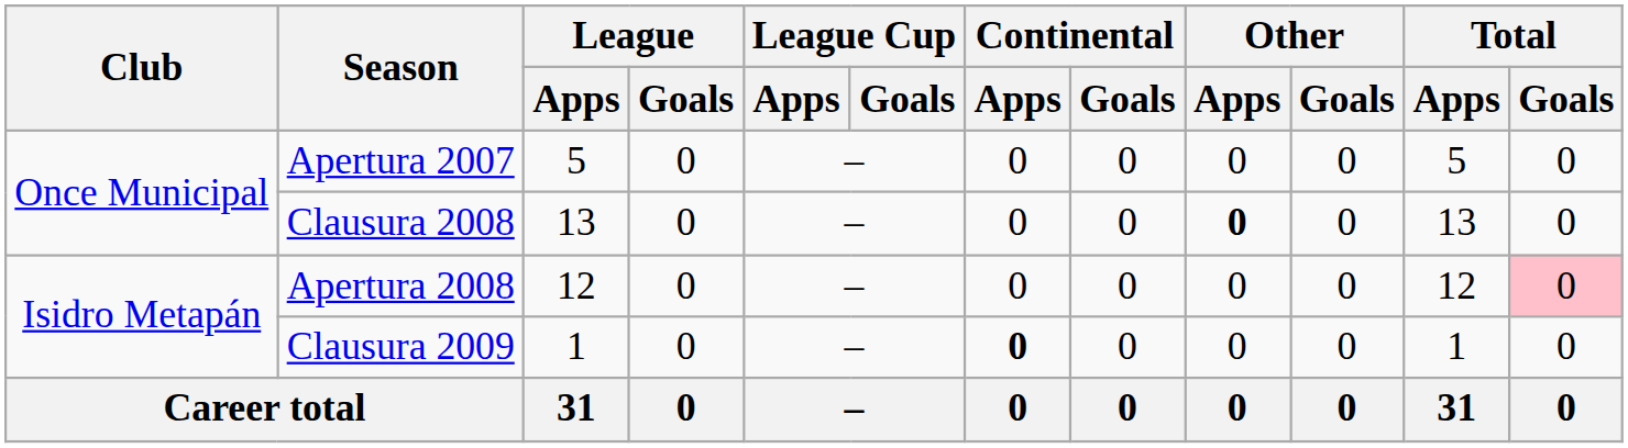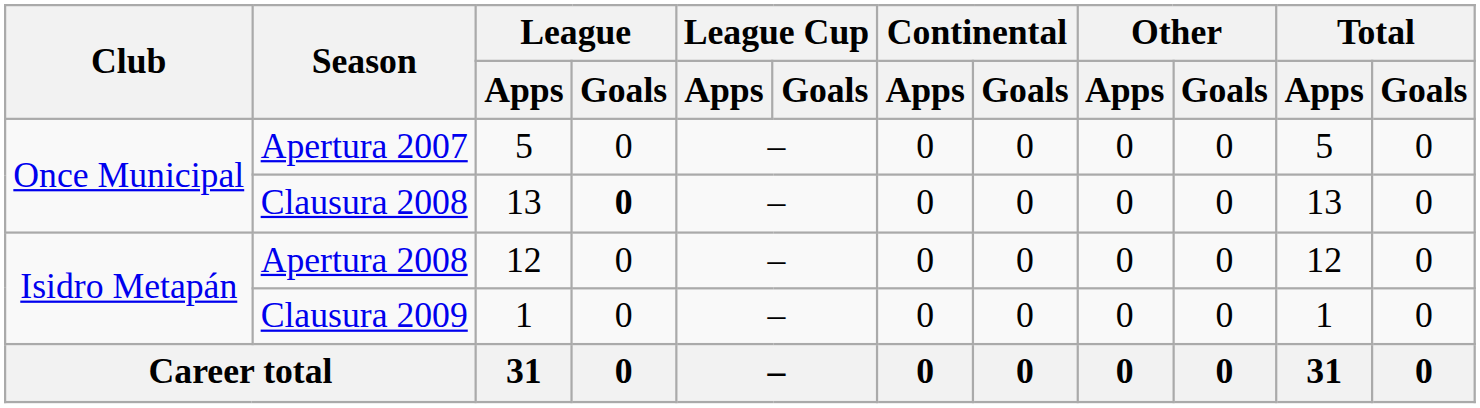 <table class="wikitable" style="text-align: center;">
 <tr>
 <th rowspan="2">Club</th>
 <th rowspan="2">Season</th>
 <th colspan="2">League</th>
 <th colspan="2">League Cup</th>
 <th colspan="2">Continental</th>
 <th colspan="2">Other</th>
 <th colspan="2">Total</th>
 </tr>
 <tr>
 <th>Apps</th>
 <th>Goals</th>
 <th>Apps</th>
 <th>Goals</th>
 <th>Apps</th>
 <th>Goals</th>
 <th>Apps</th>
 <th>Goals</th>
 <th>Apps</th>
 <th>Goals</th>
 </tr>
 <tr>
 <td rowspan="2" valign="center"><a href='#'>Once Municipal</a></td>
 <td><a href='#'>Apertura 2007</a></td>
 <td>5</td>
 <td>0</td>
 <td colspan="2">–</td>
 <td>0</td>
 <td>0</td>
 <td>0</td>
 <td>0</td>
 <td>5</td>
 <td>0</td>
 </tr>
 <tr>
 <td><a href='#'>Clausura 2008</a></td>
 <td>13</td>
-<td>0</td>
+<td><strong>0</strong></td>
 <td colspan="2">–</td>
 <td>0</td>
 <td>0</td>
-<td><strong>0</strong></td>
+<td>0</td>
 <td>0</td>
 <td>13</td>
 <td>0</td>
 </tr>
 <tr>
 <td rowspan="2" valign="center"><a href='#'>Isidro Metapán</a></td>
 <td><a href='#'>Apertura 2008</a></td>
 <td>12</td>
 <td>0</td>
 <td colspan="2">–</td>
 <td>0</td>
 <td>0</td>
 <td>0</td>
 <td>0</td>
 <td>12</td>
-<td style="background: pink;">0</td>
+<td>0</td>
 </tr>
 <tr>
 <td><a href='#'>Clausura 2009</a></td>
 <td>1</td>
 <td>0</td>
 <td colspan="2">–</td>
-<td><strong>0</strong></td>
+<td>0</td>
 <td>0</td>
 <td>0</td>
 <td>0</td>
 <td>1</td>
 <td>0</td>
 </tr>
 <tr>
 <th colspan="2">Career total</th>
 <th>31</th>
 <th>0</th>
 <th colspan="2">–</th>
 <th>0</th>
 <th>0</th>
 <th>0</th>
 <th>0</th>
 <th>31</th>
 <th>0</th>
 </tr>
 </table>
